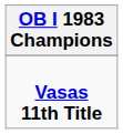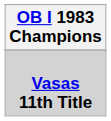 <table class="wikitable" style="text-align: center; margin: 0 auto;">
 <tr>
 <th><a href='#'>OB I</a> 1983<br>Champions</th>
 </tr>
 <tr>
 </tr>
 <tr>
-<td> <br><strong><a href='#'>Vasas</a></strong><br><strong>11th Title</strong></td>
+<td style="background: lightgrey;"> <br><strong><a href='#'>Vasas</a></strong><br><strong>11th Title</strong></td>
 </tr>
 </table>
